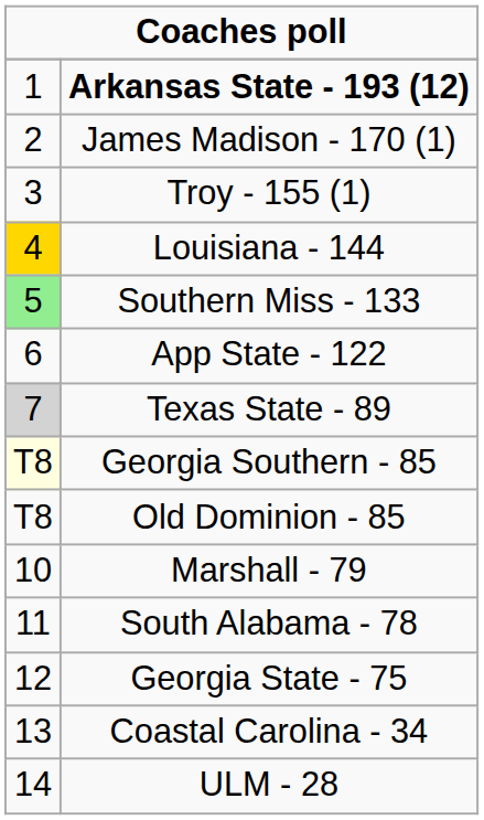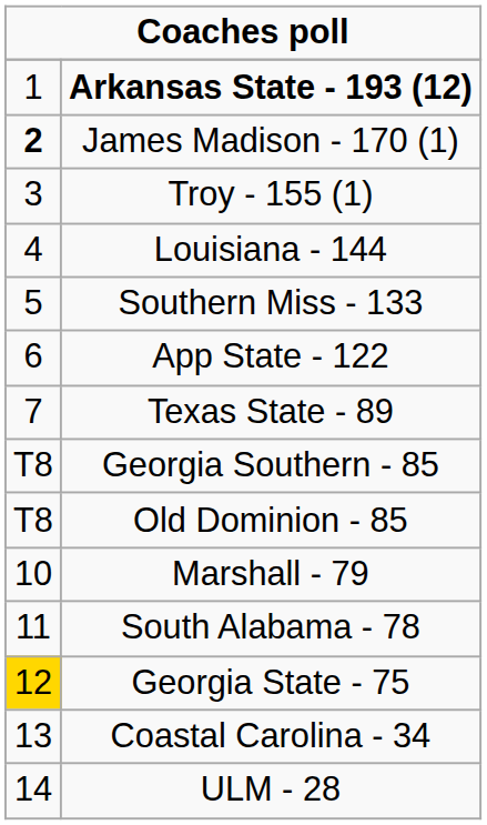 <table class="wikitable" style="display: inline-table;">
 <tr>
 <td align="center" Colspan="3"><strong>Coaches poll</strong></td>
 </tr>
 <tr align="center">
 </tr>
 <tr align="center">
 <td>1</td>
 <td><strong>Arkansas State - 193 (12)</strong></td>
 </tr>
 <tr align="center">
-<td>2</td>
+<td><strong>2</strong></td>
 <td>James Madison - 170 (1)</td>
 </tr>
 <tr align="center">
 <td>3</td>
 <td>Troy - 155 (1)</td>
 </tr>
 <tr align="center">
-<td style="background: gold;">4</td>
+<td>4</td>
 <td>Louisiana - 144</td>
 </tr>
 <tr align="center">
-<td style="background: lightgreen;">5</td>
+<td>5</td>
 <td>Southern Miss - 133</td>
 </tr>
 <tr align="center">
 <td>6</td>
 <td>App State - 122</td>
 </tr>
 <tr align="center">
-<td style="background: lightgrey;">7</td>
+<td>7</td>
 <td>Texas State - 89</td>
 </tr>
 <tr align="center">
-<td style="background: lightyellow;">T8</td>
+<td>T8</td>
 <td>Georgia Southern - 85</td>
 </tr>
 <tr align="center">
 <td>T8</td>
 <td>Old Dominion - 85</td>
 </tr>
 <tr align="center">
 <td>10</td>
 <td>Marshall - 79</td>
 </tr>
 <tr align="center">
 <td>11</td>
 <td>South Alabama - 78</td>
 </tr>
 <tr align="center">
-<td>12</td>
+<td style="background: gold;">12</td>
 <td>Georgia State - 75</td>
 </tr>
 <tr align="center">
 <td>13</td>
 <td>Coastal Carolina - 34</td>
 </tr>
 <tr align="center">
 <td>14</td>
 <td>ULM - 28</td>
 </tr>
 </table>
